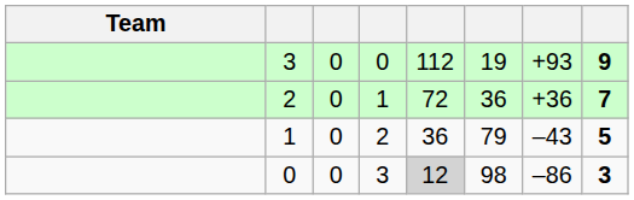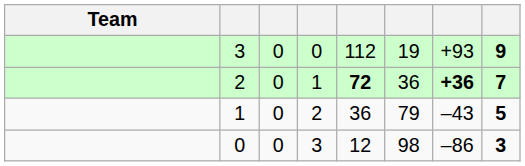 <table class="wikitable" style="text-align:center;">
 <tr>
 <th style="width:10.5em;">Team</th>
 <th style="width:1.5em;"></th>
 <th style="width:1.5em;"></th>
 <th style="width:1.5em;"></th>
 <th style="width:2.0em;"></th>
 <th style="width:2.0em;"></th>
 <th style="width:2.0em;"></th>
 <th style="width:1.5em;"></th>
 </tr>
 <tr bgcolor=#cfc>
 <td align="left"></td>
 <td>3</td>
 <td>0</td>
 <td>0</td>
 <td>112</td>
 <td>19</td>
 <td>+93</td>
 <td><strong>9</strong></td>
 </tr>
 <tr bgcolor=#cfc>
 <td align="left"></td>
 <td>2</td>
 <td>0</td>
 <td>1</td>
-<td>72</td>
+<td><strong>72</strong></td>
 <td>36</td>
-<td>+36</td>
+<td><strong>+36</strong></td>
 <td><strong>7</strong></td>
 </tr>
 <tr>
 <td align="left"></td>
 <td>1</td>
 <td>0</td>
 <td>2</td>
 <td>36</td>
 <td>79</td>
 <td>–43</td>
 <td><strong>5</strong></td>
 </tr>
 <tr>
 <td align="left"></td>
 <td>0</td>
 <td>0</td>
 <td>3</td>
-<td style="background: lightgrey;">12</td>
+<td>12</td>
 <td>98</td>
 <td>–86</td>
 <td><strong>3</strong></td>
 </tr>
 </table>
